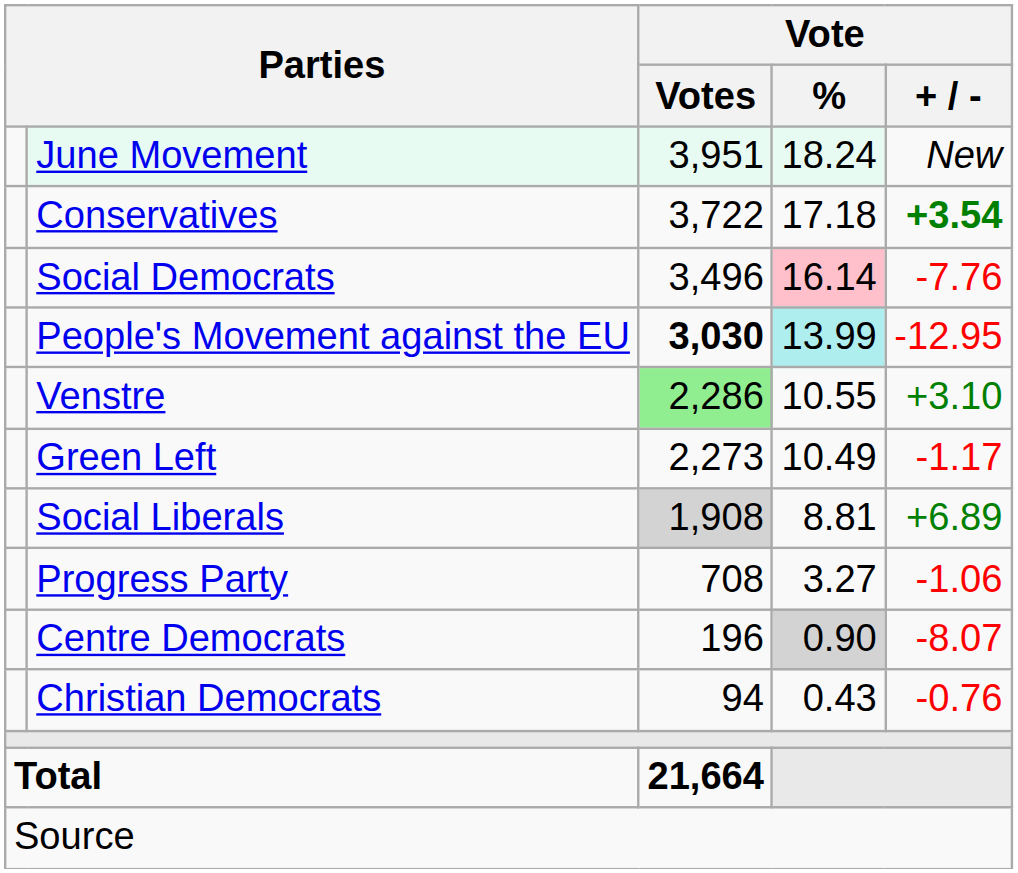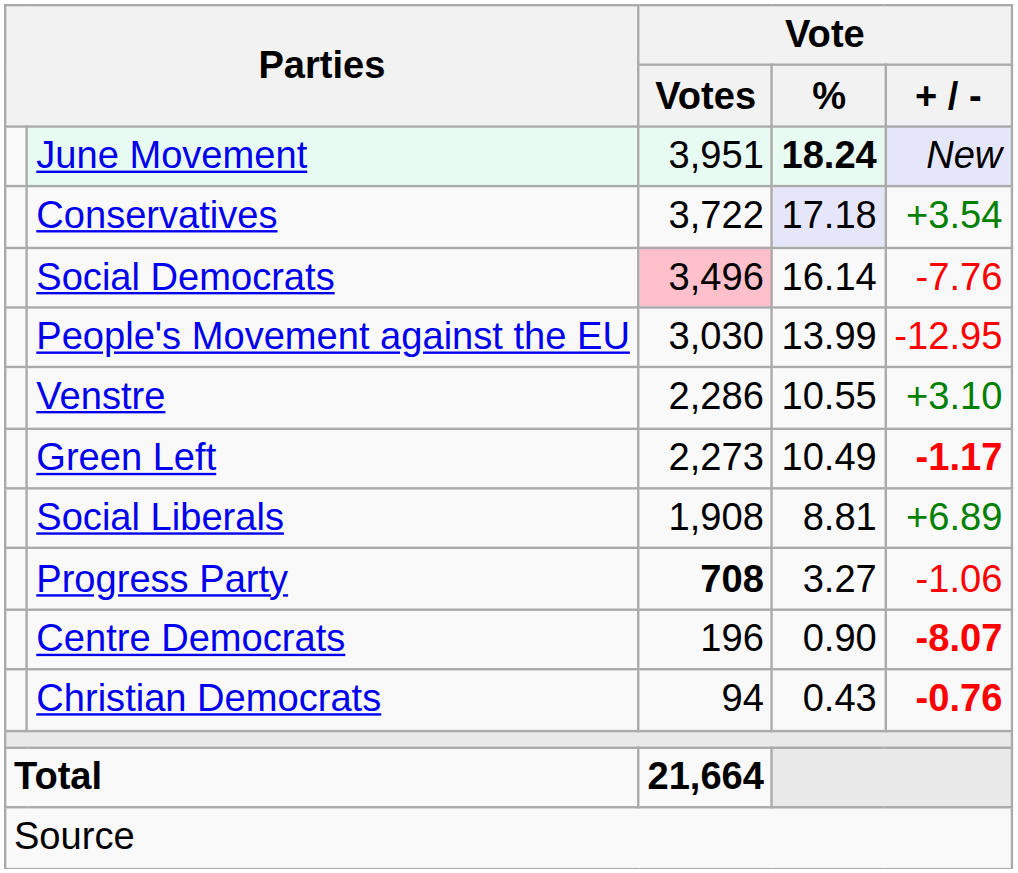 <table class="wikitable" style="text-align:right;">
 <tr>
 <th style="text-align:centre;" rowspan="2" colspan="2" width="225">Parties</th>
 <th colspan="3">Vote</th>
 </tr>
 <tr>
 <th width="15">Votes</th>
 <th width="15">%</th>
 <th width="15">+ / -</th>
 </tr>
 <tr>
 <td width="2" style="color:inherit;background:"></td>
 <td bgcolor=#e8fbf3   align="left"><a href='#'>June Movement</a></td>
 <td bgcolor=#e8fbf3>3,951</td>
-<td bgcolor=#e8fbf3>18.24</td>
-<td><em>New</em></td>
+<td bgcolor=#e8fbf3><strong>18.24</strong></td>
+<td style="background: lavender;"><em>New</em></td>
 </tr>
 <tr>
 <td width="2" style="color:inherit;background:"></td>
 <td align="left"><a href='#'>Conservatives</a></td>
 <td>3,722</td>
-<td>17.18</td>
-<td style=color:green;><strong>+3.54</strong></td>
+<td style="background: lavender;">17.18</td>
+<td style=color:green;>+3.54</td>
 </tr>
 <tr>
 <td width="2" style="color:inherit;background:"></td>
 <td align="left"><a href='#'>Social Democrats</a></td>
-<td>3,496</td>
-<td style="background: pink;">16.14</td>
+<td style="background: pink;">3,496</td>
+<td>16.14</td>
 <td style=color:red;>-7.76</td>
 </tr>
 <tr>
 <td width="2" style="color:inherit;background:"></td>
 <td align="left"><a href='#'>People's Movement against the EU</a></td>
-<td><strong>3,030</strong></td>
-<td style="background: paleturquoise;">13.99</td>
+<td>3,030</td>
+<td>13.99</td>
 <td style=color:red;>-12.95</td>
 </tr>
 <tr>
 <td width="2" style="color:inherit;background:"></td>
 <td align="left"><a href='#'>Venstre</a></td>
-<td style="background: lightgreen;">2,286</td>
+<td>2,286</td>
 <td>10.55</td>
 <td style=color:green;>+3.10</td>
 </tr>
 <tr>
 <td width="2" style="color:inherit;background:"></td>
 <td align="left"><a href='#'>Green Left</a></td>
 <td>2,273</td>
 <td>10.49</td>
-<td style=color:red;>-1.17</td>
+<td style=color:red;><strong>-1.17</strong></td>
 </tr>
 <tr>
 <td width="2" style="color:inherit;background:"></td>
 <td align="left"><a href='#'>Social Liberals</a></td>
-<td style="background: lightgrey;">1,908</td>
+<td>1,908</td>
 <td>8.81</td>
 <td style=color:green;>+6.89</td>
 </tr>
 <tr>
 <td width="2" style="color:inherit;background:"></td>
 <td align="left"><a href='#'>Progress Party</a></td>
-<td>708</td>
+<td><strong>708</strong></td>
 <td>3.27</td>
 <td style=color:red;>-1.06</td>
 </tr>
 <tr>
 <td width="2" style="color:inherit;background:"></td>
 <td align="left"><a href='#'>Centre Democrats</a></td>
 <td>196</td>
-<td style="background: lightgrey;">0.90</td>
-<td style=color:red;>-8.07</td>
+<td>0.90</td>
+<td style=color:red;><strong>-8.07</strong></td>
 </tr>
 <tr>
 <td width="2" style="color:inherit;background:"></td>
 <td align="left"><a href='#'>Christian Democrats</a></td>
 <td>94</td>
 <td>0.43</td>
-<td style=color:red;>-0.76</td>
+<td style=color:red;><strong>-0.76</strong></td>
 </tr>
 <tr>
 <td colspan="7" bgcolor="#E9E9E9"></td>
 </tr>
 <tr>
 <td align="left" colspan="2"><strong>Total</strong></td>
 <td><strong>21,664</strong></td>
 <td bgcolor="#E9E9E9" colspan="2"></td>
 </tr>
 <tr>
 <td align="left" colspan="6">Source</td>
 </tr>
 </table>
